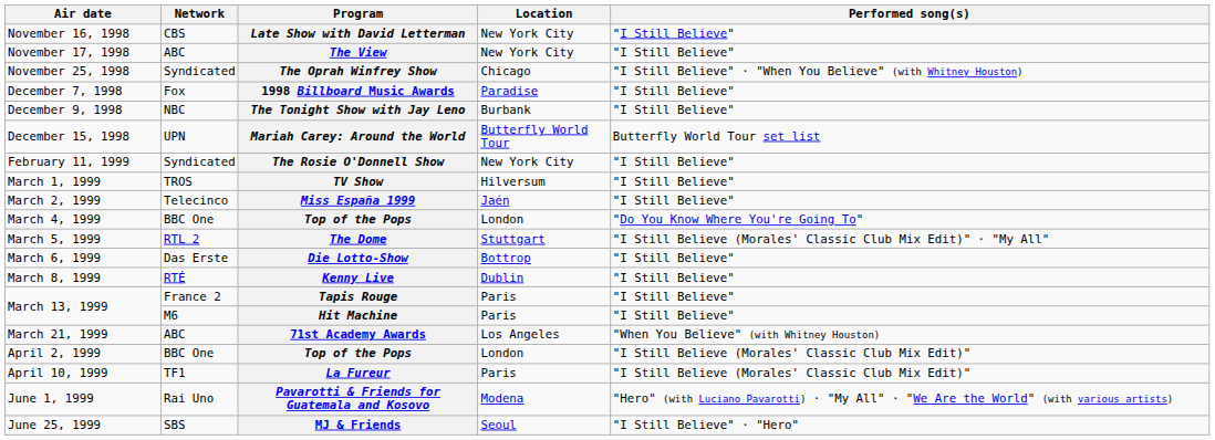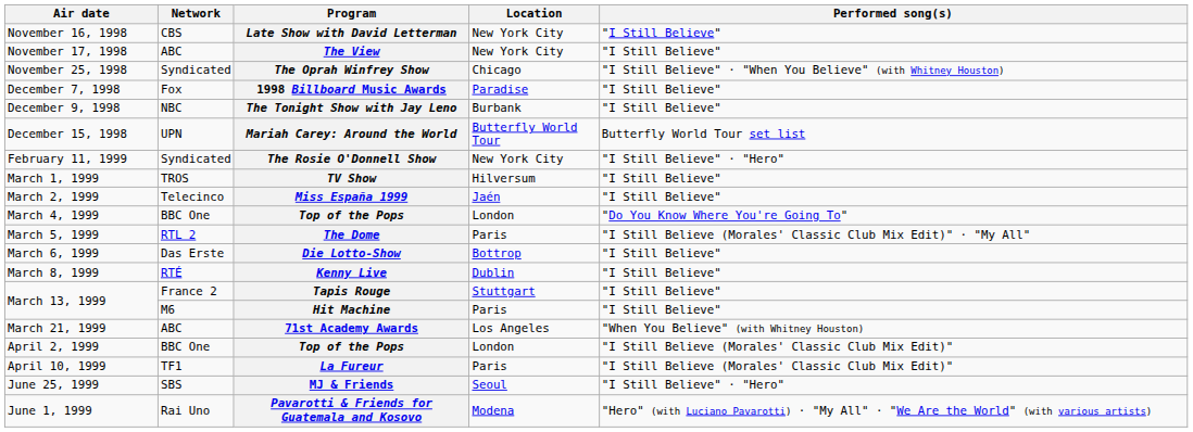 <table class="wikitable sortable plainrowheaders" style="font-size:95%;">
 <tr>
 <th style="width:13%;">Air date</th>
 <th style="width:6%;">Network</th>
 <th style="width:20%;">Program</th>
 <th style="width:11%;">Location</th>
 <th style="width:51%;">Performed song(s)</th>
 </tr>
 <tr>
 <td>November 16, 1998</td>
 <td>CBS</td>
 <th scope="row"><em>Late Show with David Letterman</em></th>
 <td>New York City</td>
 <td>"<a href='#'>I Still Believe</a>"</td>
 </tr>
 <tr>
 <td>November 17, 1998</td>
 <td>ABC</td>
 <th scope="row"><em><a href='#'>The View</a></em></th>
 <td>New York City</td>
 <td>"I Still Believe"</td>
 </tr>
 <tr>
 <td>November 25, 1998</td>
 <td>Syndicated</td>
 <th scope="row"><em>The Oprah Winfrey Show</em></th>
 <td>Chicago</td>
 <td>"I Still Believe" · "When You Believe" <small>(with <a href='#'>Whitney Houston</a>)</small></td>
 </tr>
 <tr>
 <td>December 7, 1998</td>
 <td>Fox</td>
 <th scope="row">1998 <a href='#'><em>Billboard</em> Music Awards</a></th>
 <td><a href='#'>Paradise</a></td>
 <td>"I Still Believe"</td>
 </tr>
 <tr>
 <td>December 9, 1998</td>
 <td>NBC</td>
 <th scope="row"><em>The Tonight Show with Jay Leno</em></th>
 <td>Burbank</td>
 <td>"I Still Believe"</td>
 </tr>
 <tr>
 <td>December 15, 1998</td>
 <td>UPN</td>
 <th scope="row"><em>Mariah Carey: Around the World</em></th>
 <td><a href='#'>Butterfly World Tour</a></td>
 <td>Butterfly World Tour <a href='#'>set list</a></td>
 </tr>
 <tr>
 <td>February 11, 1999</td>
 <td>Syndicated</td>
 <th scope="row"><em>The Rosie O'Donnell Show</em></th>
 <td>New York City</td>
-<td>"I Still Believe"</td>
+<td>"I Still Believe" · "Hero"</td>
 </tr>
 <tr>
 <td>March 1, 1999</td>
 <td>TROS</td>
 <th scope="row"><em>TV Show</em></th>
 <td>Hilversum</td>
 <td>"I Still Believe"</td>
 </tr>
 <tr>
 <td>March 2, 1999</td>
 <td>Telecinco</td>
 <th scope="row"><em><a href='#'>Miss España 1999</a></em></th>
 <td><a href='#'>Jaén</a></td>
 <td>"I Still Believe"</td>
 </tr>
 <tr>
 <td>March 4, 1999</td>
 <td>BBC One</td>
 <th scope="row"><em>Top of the Pops</em></th>
 <td>London</td>
 <td>"<a href='#'>Do You Know Where You're Going To</a>"</td>
 </tr>
 <tr>
 <td>March 5, 1999</td>
 <td><a href='#'>RTL 2</a></td>
 <th scope="row"><em><a href='#'>The Dome</a></em></th>
-<td><a href='#'>Stuttgart</a></td>
+<td>Paris</td>
 <td>"I Still Believe (Morales' Classic Club Mix Edit)" · "My All"</td>
 </tr>
 <tr>
 <td>March 6, 1999</td>
 <td>Das Erste</td>
 <th scope="row"><em><a href='#'>Die Lotto-Show</a></em></th>
 <td><a href='#'>Bottrop</a></td>
 <td>"I Still Believe"</td>
 </tr>
 <tr>
 <td>March 8, 1999</td>
 <td><a href='#'>RTÉ</a></td>
 <th scope="row"><em><a href='#'>Kenny Live</a></em></th>
 <td><a href='#'>Dublin</a></td>
 <td>"I Still Believe"</td>
 </tr>
 <tr>
 <td rowspan="2">March 13, 1999</td>
 <td>France 2</td>
 <th scope="row"><em>Tapis Rouge</em></th>
-<td>Paris</td>
+<td><a href='#'>Stuttgart</a></td>
 <td>"I Still Believe"</td>
 </tr>
 <tr>
 <td>M6</td>
 <th scope="row"><em>Hit Machine</em></th>
 <td>Paris</td>
 <td>"I Still Believe"</td>
 </tr>
 <tr>
 <td>March 21, 1999</td>
 <td>ABC</td>
 <th scope="row"><a href='#'>71st Academy Awards</a></th>
 <td>Los Angeles</td>
 <td>"When You Believe" <small>(with Whitney Houston)</small></td>
 </tr>
 <tr>
 <td>April 2, 1999</td>
 <td>BBC One</td>
 <th scope="row"><em>Top of the Pops</em></th>
 <td>London</td>
 <td>"I Still Believe (Morales' Classic Club Mix Edit)"</td>
 </tr>
 <tr>
 <td>April 10, 1999</td>
 <td>TF1</td>
 <th scope="row"><em><a href='#'>La Fureur</a></em></th>
 <td>Paris</td>
 <td>"I Still Believe (Morales' Classic Club Mix Edit)"</td>
 </tr>
 <tr>
+<td>June 25, 1999</td>
+<td>SBS</td>
+<th scope="row"><a href='#'>MJ & Friends</a></th>
+<td><a href='#'>Seoul</a></td>
+<td>"I Still Believe" · "Hero"</td>
+</tr>
+<tr>
 <td>June 1, 1999</td>
 <td>Rai Uno</td>
 <th scope="row"><em><a href='#'>Pavarotti & Friends for Guatemala and Kosovo</a></em></th>
 <td><a href='#'>Modena</a></td>
 <td>"Hero" <small>(with <a href='#'>Luciano Pavarotti</a>)</small> · "My All" · "<a href='#'>We Are the World</a>" <small>(with <a href='#'>various artists</a>)</small></td>
 </tr>
-<tr>
-<td>June 25, 1999</td>
-<td>SBS</td>
-<th scope="row"><a href='#'>MJ & Friends</a></th>
-<td><a href='#'>Seoul</a></td>
-<td>"I Still Believe" · "Hero"</td>
-</tr>
 </table>
